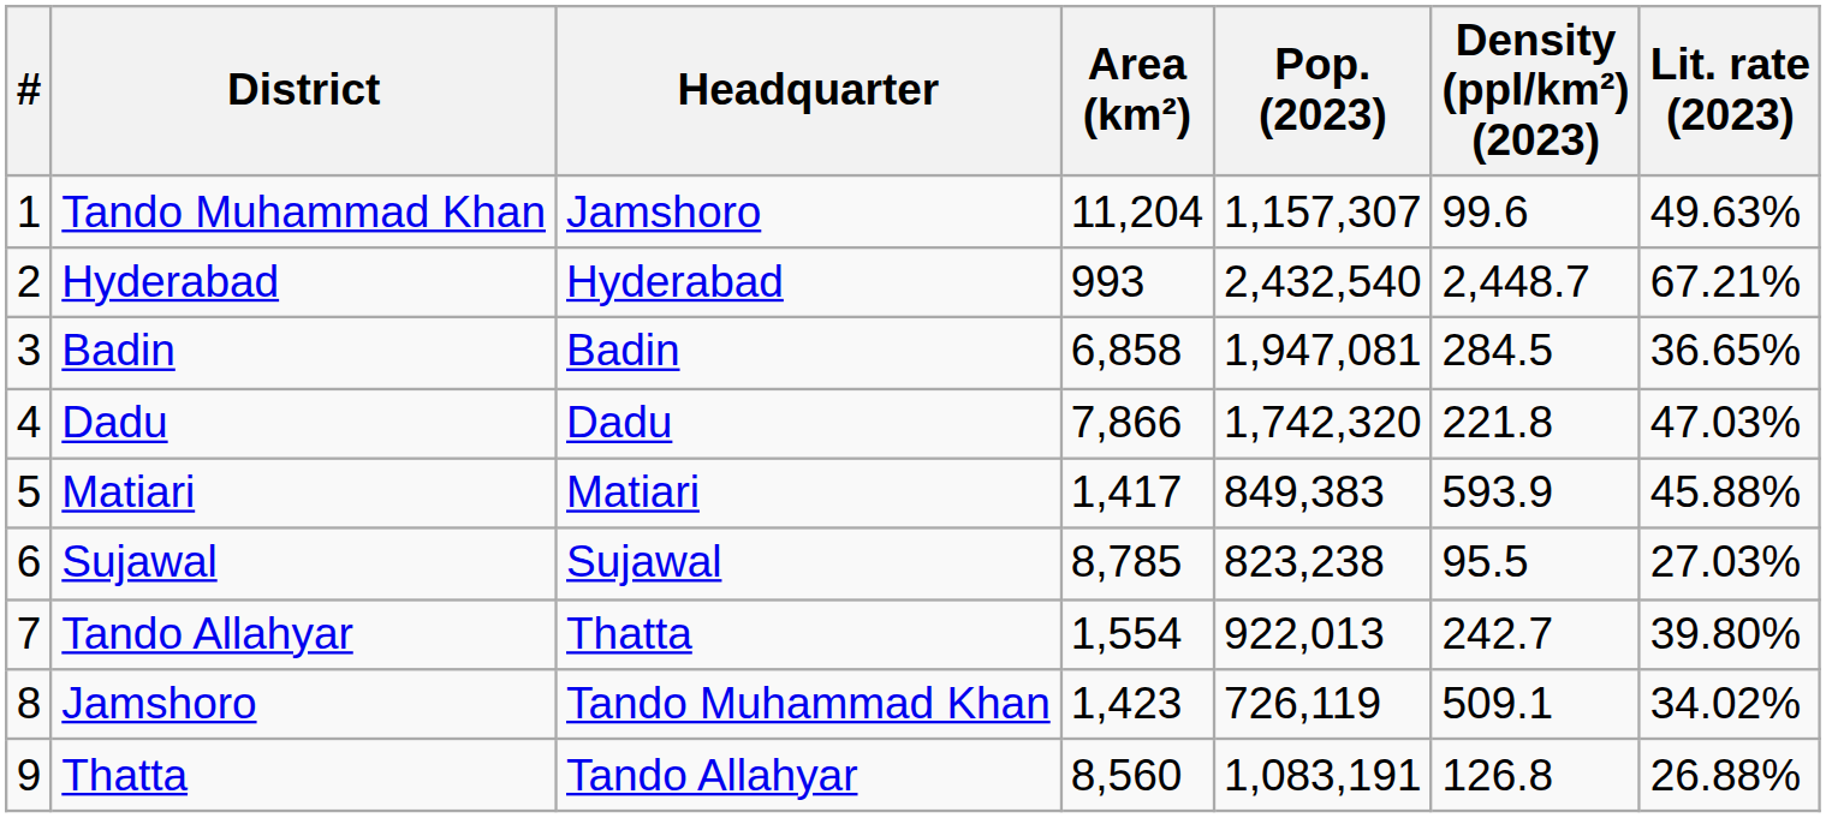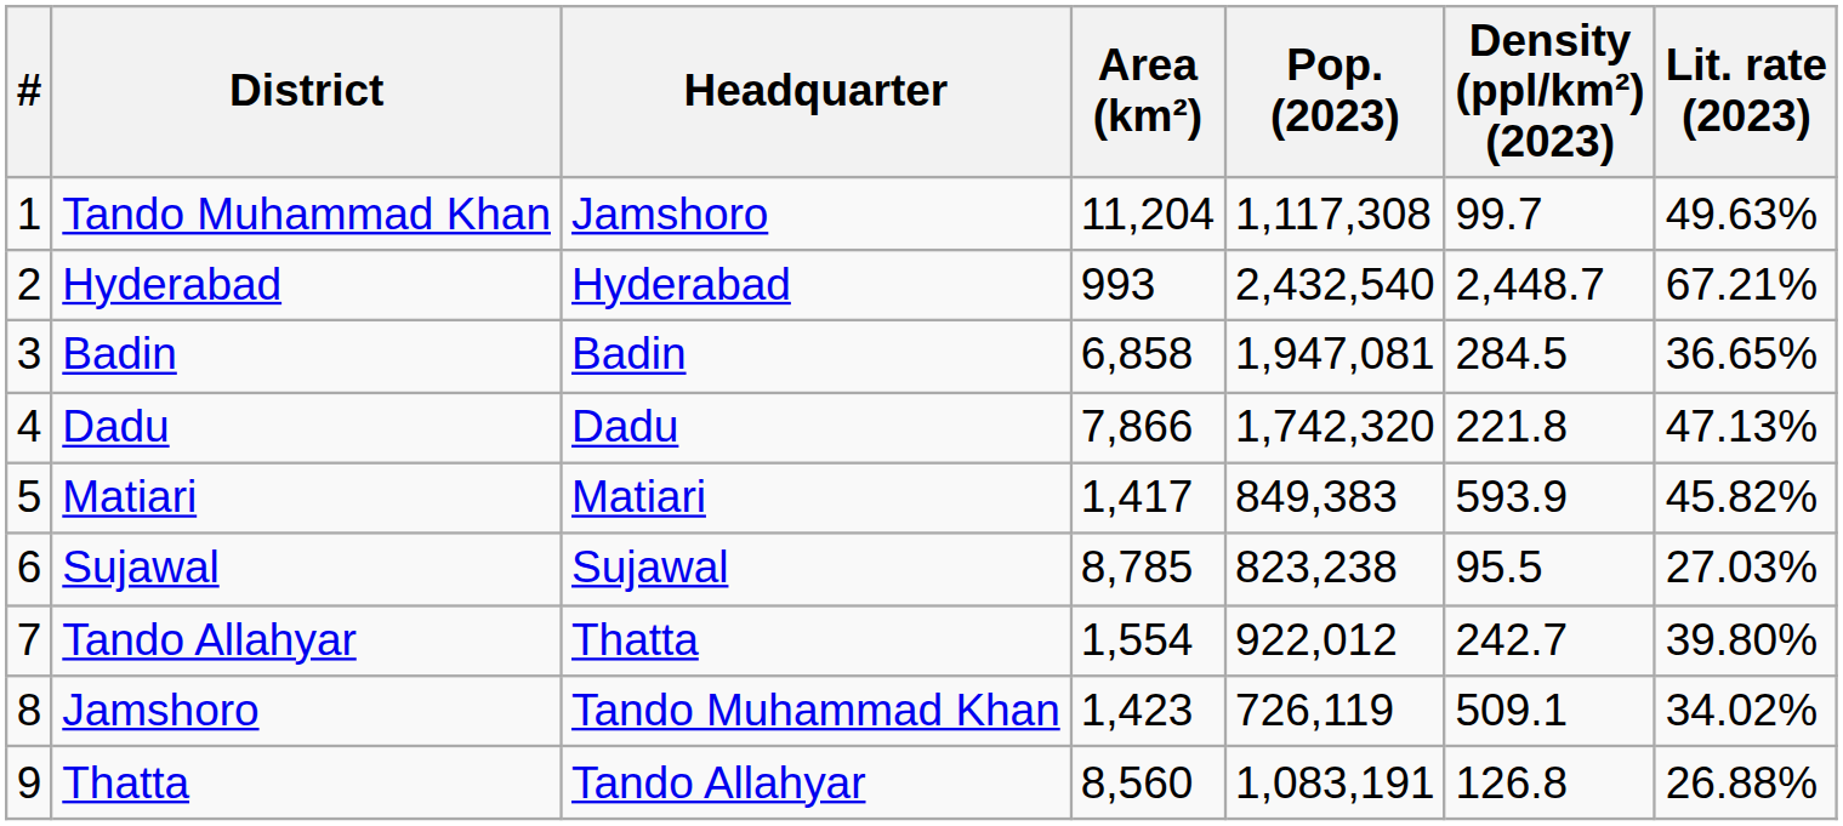 <table class="wikitable sortable">
 <tr>
 <th>#</th>
 <th>District</th>
 <th>Headquarter</th>
 <th>Area<br>(km²)</th>
 <th>Pop.<br>(2023)</th>
 <th>Density<br>(ppl/km²)<br>(2023)</th>
 <th>Lit. rate<br>(2023)</th>
 </tr>
 <tr>
 <td>1</td>
 <td><a href='#'>Tando Muhammad Khan</a></td>
 <td><a href='#'>Jamshoro</a></td>
 <td>11,204</td>
-<td>1,157,307</td>
-<td>99.6</td>
+<td>1,117,308</td>
+<td>99.7</td>
 <td>49.63%</td>
 </tr>
 <tr>
 <td>2</td>
 <td><a href='#'>Hyderabad</a></td>
 <td><a href='#'>Hyderabad</a></td>
 <td>993</td>
 <td>2,432,540</td>
 <td>2,448.7</td>
 <td>67.21%</td>
 </tr>
 <tr>
 <td>3</td>
 <td><a href='#'>Badin</a></td>
 <td><a href='#'>Badin</a></td>
 <td>6,858</td>
 <td>1,947,081</td>
 <td>284.5</td>
 <td>36.65%</td>
 </tr>
 <tr>
 <td>4</td>
 <td><a href='#'>Dadu</a></td>
 <td><a href='#'>Dadu</a></td>
 <td>7,866</td>
 <td>1,742,320</td>
 <td>221.8</td>
-<td>47.03%</td>
+<td>47.13%</td>
 </tr>
 <tr>
 <td>5</td>
 <td><a href='#'>Matiari</a></td>
 <td><a href='#'>Matiari</a></td>
 <td>1,417</td>
 <td>849,383</td>
 <td>593.9</td>
-<td>45.88%</td>
+<td>45.82%</td>
 </tr>
 <tr>
 <td>6</td>
 <td><a href='#'>Sujawal</a></td>
 <td><a href='#'>Sujawal</a></td>
 <td>8,785</td>
 <td>823,238</td>
 <td>95.5</td>
 <td>27.03%</td>
 </tr>
 <tr>
 <td>7</td>
 <td><a href='#'>Tando Allahyar</a></td>
 <td><a href='#'>Thatta</a></td>
 <td>1,554</td>
-<td>922,013</td>
+<td>922,012</td>
 <td>242.7</td>
 <td>39.80%</td>
 </tr>
 <tr>
 <td>8</td>
 <td><a href='#'>Jamshoro</a></td>
 <td><a href='#'>Tando Muhammad Khan</a></td>
 <td>1,423</td>
 <td>726,119</td>
 <td>509.1</td>
 <td>34.02%</td>
 </tr>
 <tr>
 <td>9</td>
 <td><a href='#'>Thatta</a></td>
 <td><a href='#'>Tando Allahyar</a></td>
 <td>8,560</td>
 <td>1,083,191</td>
 <td>126.8</td>
 <td>26.88%</td>
 </tr>
 </table>
